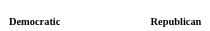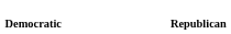 <table style="width:70%; text-align:center">
 <tr style="color:white">
 <td style="background:"><strong>164</strong></td>
+<td style="background:"><strong>1</strong></td>
 <td style="background:"><strong>270</strong></td>
 </tr>
 <tr>
 <td><span><strong>Democratic</strong></span></td>
+<td></td>
 <td><span><strong>Republican</strong></span></td>
 </tr>
 </table>
